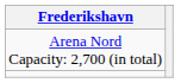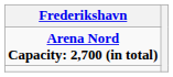 <table class="wikitable" style="text-align:center;">
 <tr>
 <th><a href='#'>Frederikshavn</a></th>
 <th rowspan=9></th>
 </tr>
 <tr>
-<td><a href='#'>Arena Nord</a><br>Capacity: 2,700  (in total)</td>
+<td><strong><a href='#'>Arena Nord</a><br>Capacity: 2,700  (in total)</strong></td>
 </tr>
 <tr>
 <td></td>
 </tr>
 </table>
